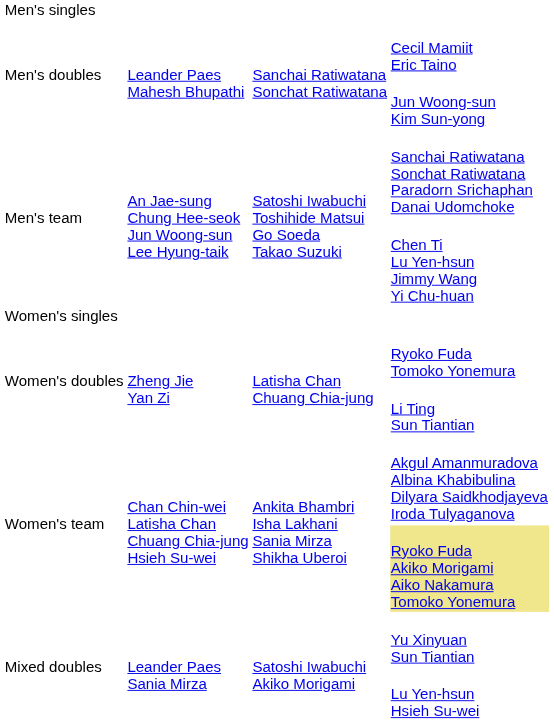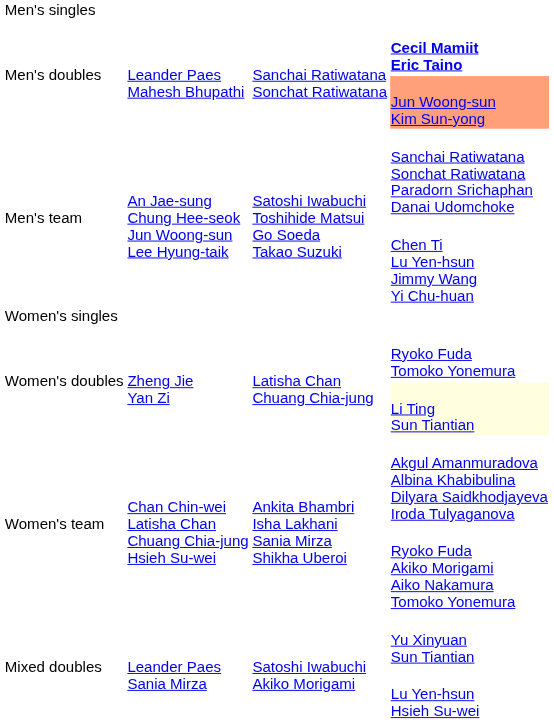 <table>
 <tr>
 <td rowspan=2>Men's singles<br></td>
 <td rowspan=2></td>
 <td rowspan=2></td>
 <td></td>
 </tr>
 <tr>
 <td></td>
 </tr>
 <tr>
 <td rowspan=2>Men's doubles<br></td>
 <td rowspan=2><br><a href='#'>Leander Paes</a><br><a href='#'>Mahesh Bhupathi</a></td>
 <td rowspan=2><br><a href='#'>Sanchai Ratiwatana</a><br><a href='#'>Sonchat Ratiwatana</a></td>
-<td><br><a href='#'>Cecil Mamiit</a><br><a href='#'>Eric Taino</a></td>
+<td><strong><br><a href='#'>Cecil Mamiit</a><br><a href='#'>Eric Taino</a></strong></td>
 </tr>
 <tr>
-<td><br><a href='#'>Jun Woong-sun</a><br><a href='#'>Kim Sun-yong</a></td>
+<td style="background: lightsalmon;"><br><a href='#'>Jun Woong-sun</a><br><a href='#'>Kim Sun-yong</a></td>
 </tr>
 <tr>
 <td rowspan=2>Men's team<br></td>
 <td rowspan=2><br><a href='#'>An Jae-sung</a><br><a href='#'>Chung Hee-seok</a><br><a href='#'>Jun Woong-sun</a><br><a href='#'>Lee Hyung-taik</a></td>
 <td rowspan=2><br><a href='#'>Satoshi Iwabuchi</a><br><a href='#'>Toshihide Matsui</a><br><a href='#'>Go Soeda</a><br><a href='#'>Takao Suzuki</a></td>
 <td><br><a href='#'>Sanchai Ratiwatana</a><br><a href='#'>Sonchat Ratiwatana</a><br><a href='#'>Paradorn Srichaphan</a><br><a href='#'>Danai Udomchoke</a></td>
 </tr>
 <tr>
 <td><br><a href='#'>Chen Ti</a><br><a href='#'>Lu Yen-hsun</a><br><a href='#'>Jimmy Wang</a><br><a href='#'>Yi Chu-huan</a></td>
 </tr>
 <tr>
 <td rowspan=2>Women's singles<br></td>
 <td rowspan=2></td>
 <td rowspan=2></td>
 <td></td>
 </tr>
 <tr>
 <td></td>
 </tr>
 <tr>
 <td rowspan=2>Women's doubles<br></td>
 <td rowspan=2><br><a href='#'>Zheng Jie</a><br><a href='#'>Yan Zi</a></td>
 <td rowspan=2><br><a href='#'>Latisha Chan</a><br><a href='#'>Chuang Chia-jung</a></td>
 <td><br><a href='#'>Ryoko Fuda</a><br><a href='#'>Tomoko Yonemura</a></td>
 </tr>
 <tr>
-<td><br><a href='#'>Li Ting</a><br><a href='#'>Sun Tiantian</a></td>
+<td style="background: lightyellow;"><br><a href='#'>Li Ting</a><br><a href='#'>Sun Tiantian</a></td>
 </tr>
 <tr>
 <td rowspan=2>Women's team<br></td>
 <td rowspan=2><br><a href='#'>Chan Chin-wei</a><br><a href='#'>Latisha Chan</a><br><a href='#'>Chuang Chia-jung</a><br><a href='#'>Hsieh Su-wei</a></td>
 <td rowspan=2><br><a href='#'>Ankita Bhambri</a><br><a href='#'>Isha Lakhani</a><br><a href='#'>Sania Mirza</a><br><a href='#'>Shikha Uberoi</a></td>
 <td><br><a href='#'>Akgul Amanmuradova</a><br><a href='#'>Albina Khabibulina</a><br><a href='#'>Dilyara Saidkhodjayeva</a><br><a href='#'>Iroda Tulyaganova</a></td>
 </tr>
 <tr>
-<td style="background: khaki;"><br><a href='#'>Ryoko Fuda</a><br><a href='#'>Akiko Morigami</a><br><a href='#'>Aiko Nakamura</a><br><a href='#'>Tomoko Yonemura</a></td>
+<td><br><a href='#'>Ryoko Fuda</a><br><a href='#'>Akiko Morigami</a><br><a href='#'>Aiko Nakamura</a><br><a href='#'>Tomoko Yonemura</a></td>
 </tr>
 <tr>
 <td rowspan=2>Mixed doubles<br></td>
 <td rowspan=2><br><a href='#'>Leander Paes</a><br><a href='#'>Sania Mirza</a></td>
 <td rowspan=2><br><a href='#'>Satoshi Iwabuchi</a><br><a href='#'>Akiko Morigami</a></td>
 <td><br><a href='#'>Yu Xinyuan</a><br><a href='#'>Sun Tiantian</a></td>
 </tr>
 <tr>
 <td><br><a href='#'>Lu Yen-hsun</a><br><a href='#'>Hsieh Su-wei</a></td>
 </tr>
 </table>
